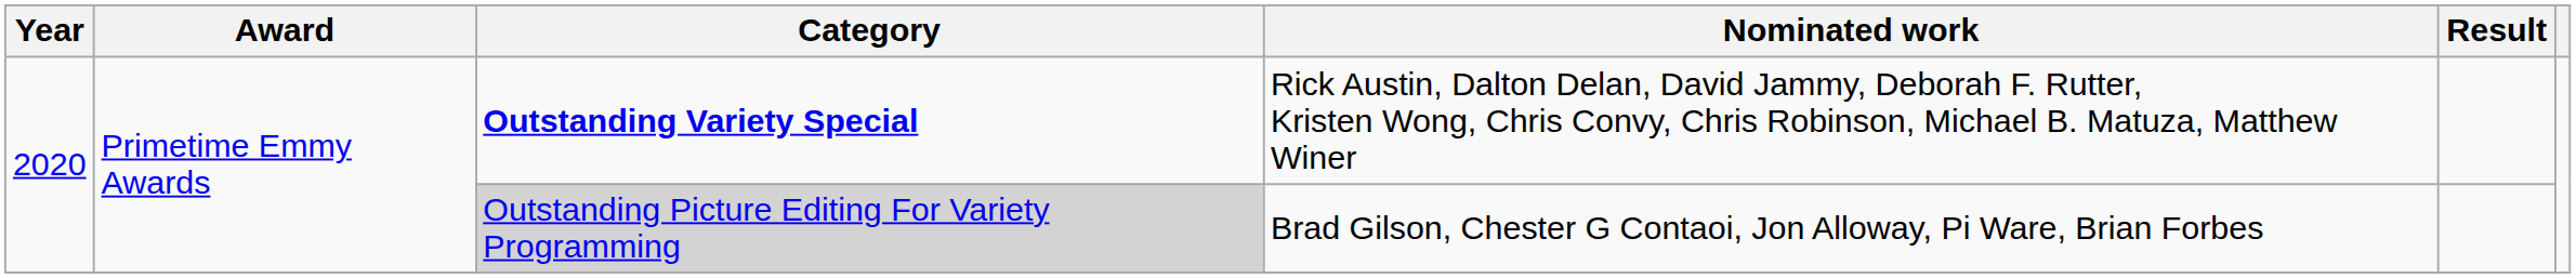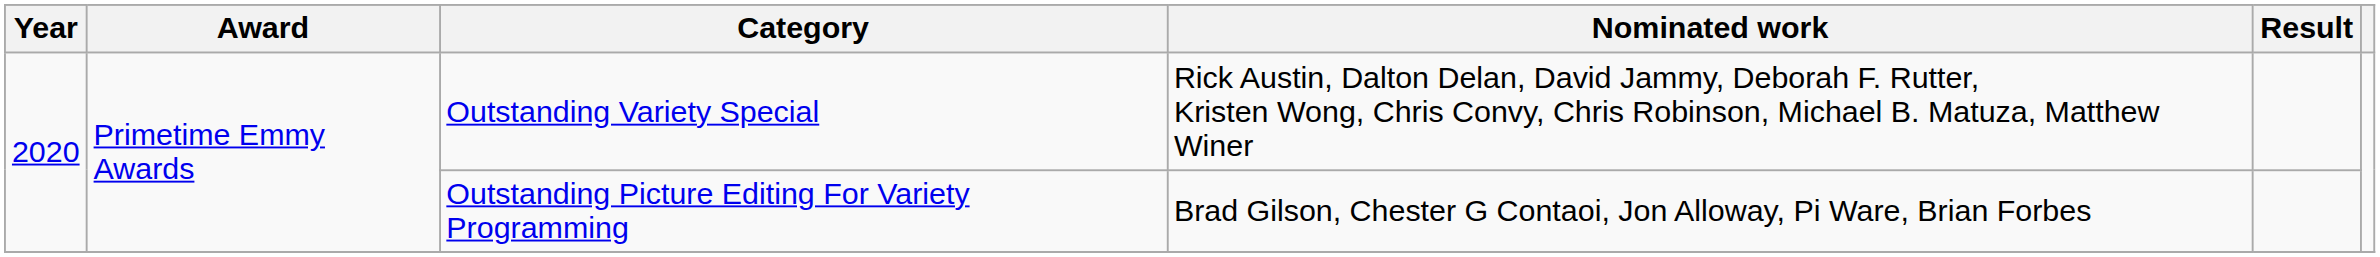 <table class="wikitable">
 <tr>
 <th>Year</th>
 <th>Award</th>
 <th>Category</th>
 <th>Nominated work</th>
 <th>Result</th>
 <th></th>
 </tr>
 <tr>
 <td rowspan=2><a href='#'>2020</a></td>
 <td rowspan=2><a href='#'>Primetime Emmy Awards</a></td>
-<td><strong><a href='#'>Outstanding Variety Special</a></strong></td>
+<td><a href='#'>Outstanding Variety Special</a></td>
 <td>Rick Austin, Dalton Delan, David Jammy, Deborah F. Rutter, <br> Kristen Wong, Chris Convy, Chris Robinson, Michael B. Matuza, Matthew Winer</td>
 <td></td>
 <td rowspan=2></td>
 </tr>
 <tr>
-<td style="background: lightgrey;"><a href='#'>Outstanding Picture Editing For Variety Programming</a></td>
+<td><a href='#'>Outstanding Picture Editing For Variety Programming</a></td>
 <td>Brad Gilson, Chester G Contaoi, Jon Alloway, Pi Ware, Brian Forbes</td>
 <td></td>
 </tr>
 <tr>
 </tr>
 </table>
